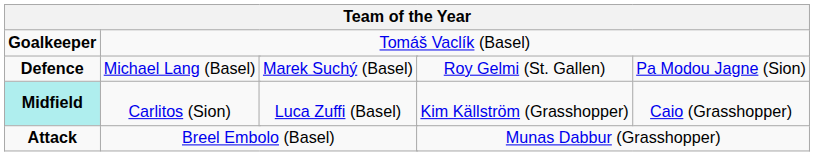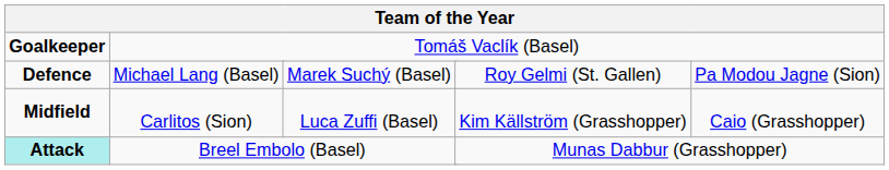 <table class="wikitable" style="text-align:center">
 <tr>
 <th colspan="13">Team of the Year</th>
 </tr>
 <tr>
 <td><strong>Goalkeeper</strong></td>
 <td colspan="12"> <a href='#'>Tomáš Vaclík</a> (Basel)</td>
 </tr>
 <tr>
 <td><strong>Defence</strong></td>
 <td colspan="3"> <a href='#'>Michael Lang</a> (Basel)</td>
 <td colspan="3"> <a href='#'>Marek Suchý</a> (Basel)</td>
 <td colspan="3"> <a href='#'>Roy Gelmi</a> (St. Gallen)</td>
 <td colspan="3"> <a href='#'>Pa Modou Jagne</a> (Sion)</td>
 </tr>
 <tr>
-<td style="background: paleturquoise;"><strong>Midfield</strong></td>
+<td><strong>Midfield</strong></td>
 <td colspan="3"><br> <a href='#'>Carlitos</a>  (Sion)</td>
 <td colspan="3"><br> <a href='#'>Luca Zuffi</a> (Basel)</td>
 <td colspan="3"><br> <a href='#'>Kim Källström</a> (Grasshopper)</td>
 <td colspan="3"><br> <a href='#'>Caio</a> (Grasshopper)</td>
 </tr>
 <tr>
-<td><strong>Attack</strong></td>
+<td style="background: paleturquoise;"><strong>Attack</strong></td>
 <td colspan="6"> <a href='#'>Breel Embolo</a> (Basel)</td>
 <td colspan="6"> <a href='#'>Munas Dabbur</a> (Grasshopper)</td>
 </tr>
 </table>
